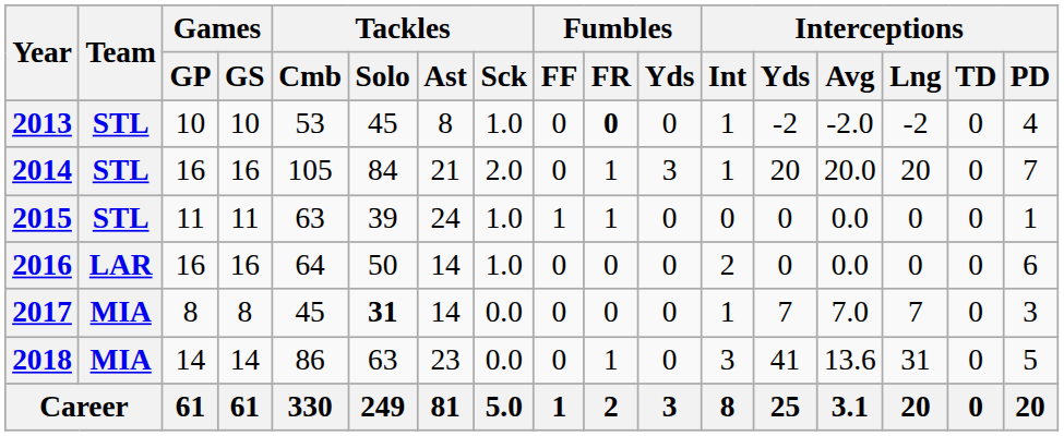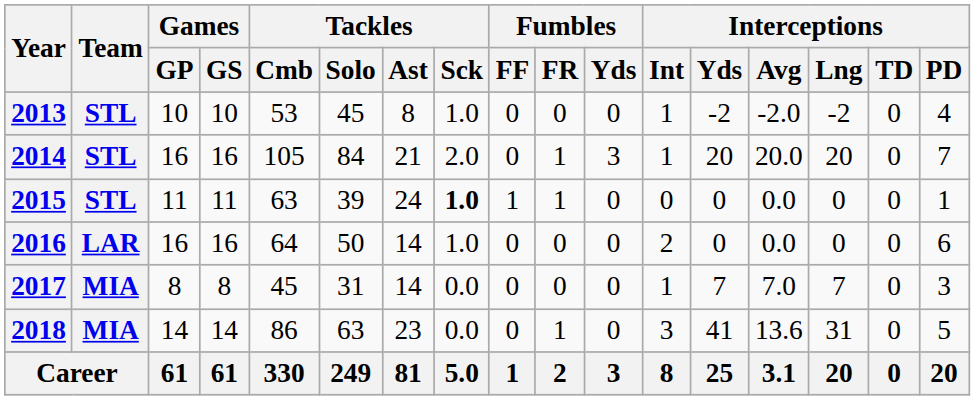 <table class=wikitable style="text-align:center;">
 <tr>
 <th rowspan="2">Year</th>
 <th rowspan="2">Team</th>
 <th colspan="2">Games</th>
 <th colspan="4">Tackles</th>
 <th colspan="3">Fumbles</th>
 <th colspan="6">Interceptions</th>
 </tr>
 <tr>
 <th>GP</th>
 <th>GS</th>
 <th>Cmb</th>
 <th>Solo</th>
 <th>Ast</th>
 <th>Sck</th>
 <th>FF</th>
 <th>FR</th>
 <th>Yds</th>
 <th>Int</th>
 <th>Yds</th>
 <th>Avg</th>
 <th>Lng</th>
 <th>TD</th>
 <th>PD</th>
 </tr>
 <tr>
 <th><a href='#'>2013</a></th>
 <th><a href='#'>STL</a></th>
 <td>10</td>
 <td>10</td>
 <td>53</td>
 <td>45</td>
 <td>8</td>
 <td>1.0</td>
 <td>0</td>
-<td><strong>0</strong></td>
+<td>0</td>
 <td>0</td>
 <td>1</td>
 <td>-2</td>
 <td>-2.0</td>
 <td>-2</td>
 <td>0</td>
 <td>4</td>
 </tr>
 <tr>
 <th><a href='#'>2014</a></th>
 <th><a href='#'>STL</a></th>
 <td>16</td>
 <td>16</td>
 <td>105</td>
 <td>84</td>
 <td>21</td>
 <td>2.0</td>
 <td>0</td>
 <td>1</td>
 <td>3</td>
 <td>1</td>
 <td>20</td>
 <td>20.0</td>
 <td>20</td>
 <td>0</td>
 <td>7</td>
 </tr>
 <tr>
 <th><a href='#'>2015</a></th>
 <th><a href='#'>STL</a></th>
 <td>11</td>
 <td>11</td>
 <td>63</td>
 <td>39</td>
 <td>24</td>
-<td>1.0</td>
+<td><strong>1.0</strong></td>
 <td>1</td>
 <td>1</td>
 <td>0</td>
 <td>0</td>
 <td>0</td>
 <td>0.0</td>
 <td>0</td>
 <td>0</td>
 <td>1</td>
 </tr>
 <tr>
 <th><a href='#'>2016</a></th>
 <th><a href='#'>LAR</a></th>
 <td>16</td>
 <td>16</td>
 <td>64</td>
 <td>50</td>
 <td>14</td>
 <td>1.0</td>
 <td>0</td>
 <td>0</td>
 <td>0</td>
 <td>2</td>
 <td>0</td>
 <td>0.0</td>
 <td>0</td>
 <td>0</td>
 <td>6</td>
 </tr>
 <tr>
 <th><a href='#'>2017</a></th>
 <th><a href='#'>MIA</a></th>
 <td>8</td>
 <td>8</td>
 <td>45</td>
-<td><strong>31</strong></td>
+<td>31</td>
 <td>14</td>
 <td>0.0</td>
 <td>0</td>
 <td>0</td>
 <td>0</td>
 <td>1</td>
 <td>7</td>
 <td>7.0</td>
 <td>7</td>
 <td>0</td>
 <td>3</td>
 </tr>
 <tr>
 <th><a href='#'>2018</a></th>
 <th><a href='#'>MIA</a></th>
 <td>14</td>
 <td>14</td>
 <td>86</td>
 <td>63</td>
 <td>23</td>
 <td>0.0</td>
 <td>0</td>
 <td>1</td>
 <td>0</td>
 <td>3</td>
 <td>41</td>
 <td>13.6</td>
 <td>31</td>
 <td>0</td>
 <td>5</td>
 </tr>
 <tr>
 <th colspan="2">Career</th>
 <th>61</th>
 <th>61</th>
 <th>330</th>
 <th>249</th>
 <th>81</th>
 <th>5.0</th>
 <th>1</th>
 <th>2</th>
 <th>3</th>
 <th>8</th>
 <th>25</th>
 <th>3.1</th>
 <th>20</th>
 <th>0</th>
 <th>20</th>
 </tr>
 </table>
